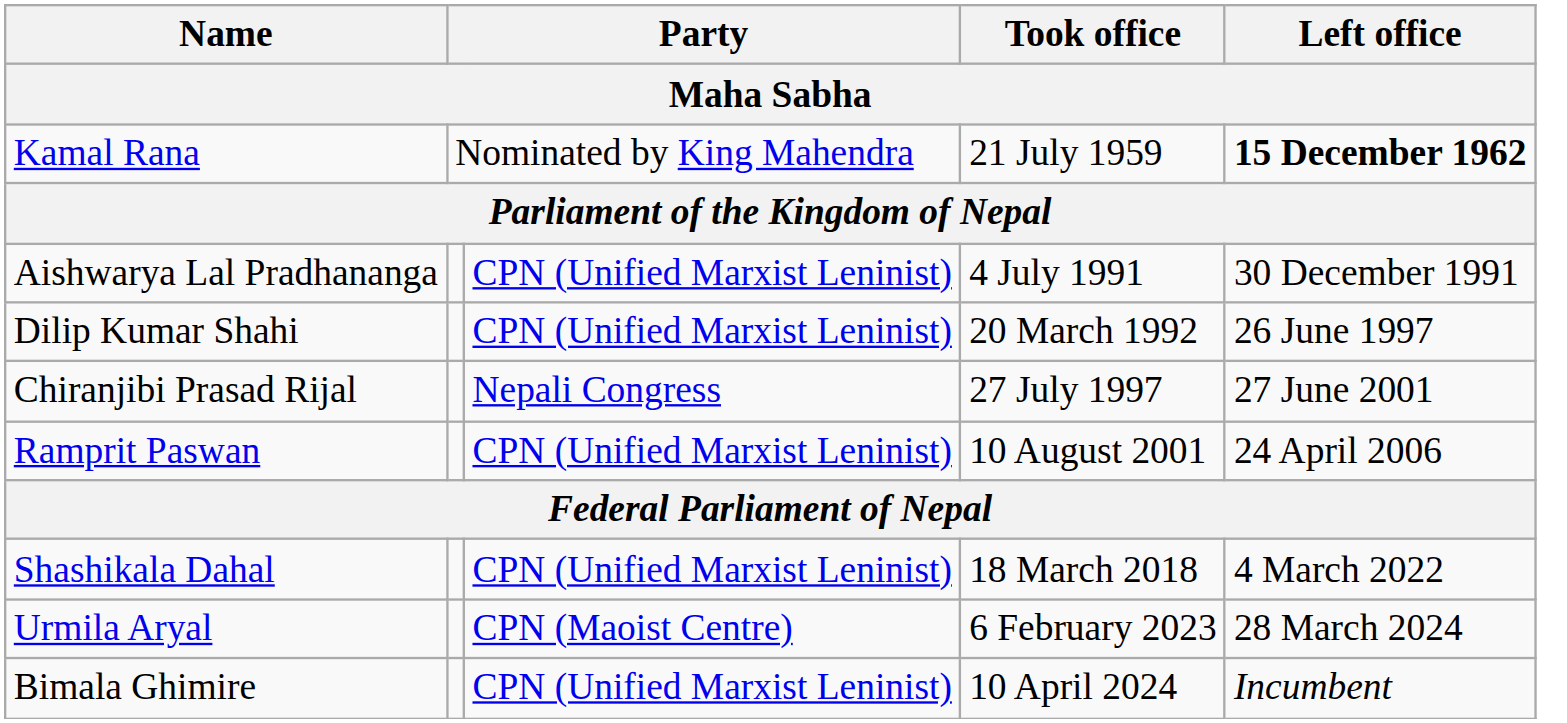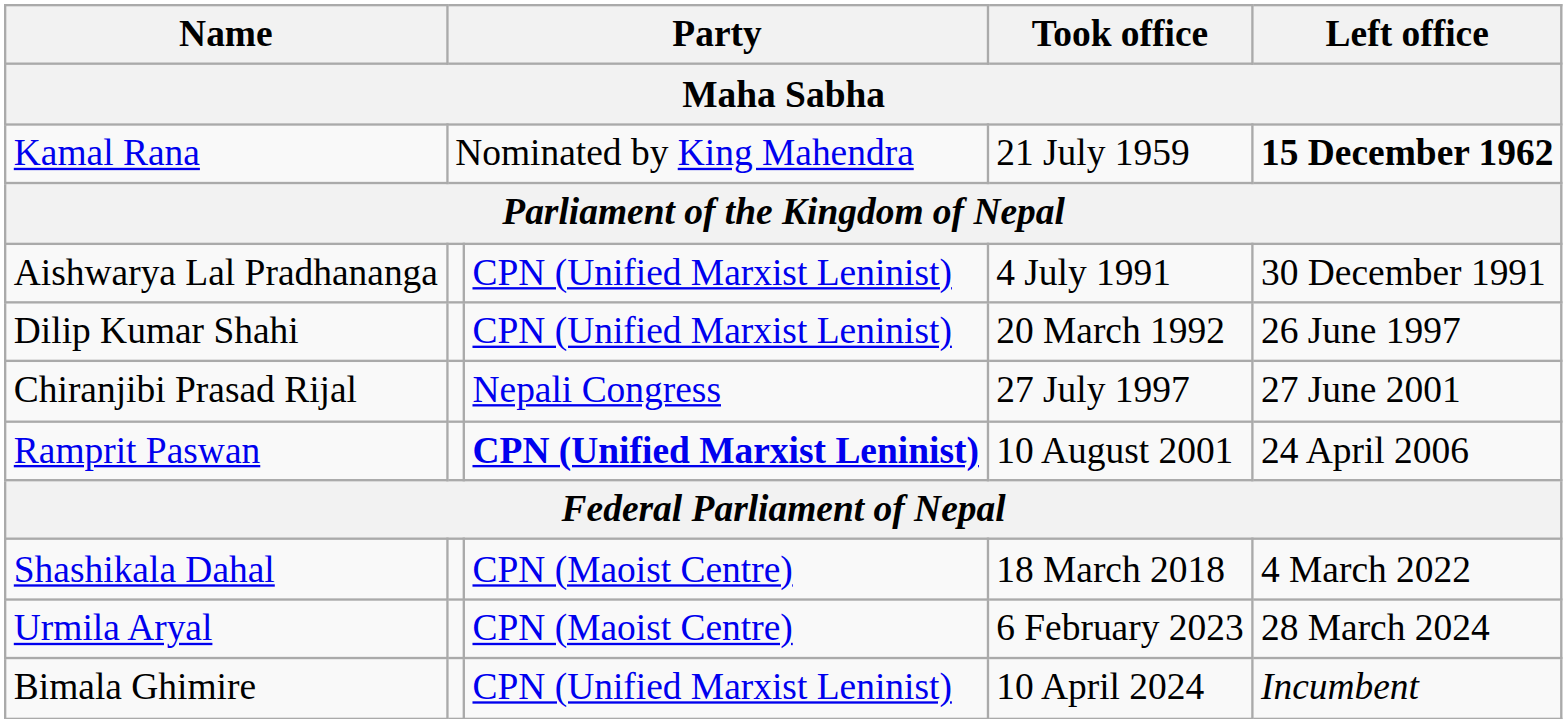 <table class="wikitable">
 <tr>
 <th>Name</th>
 <th colspan="2">Party</th>
 <th>Took office</th>
 <th>Left office</th>
 </tr>
 <tr>
 <th colspan="5">Maha Sabha</th>
 </tr>
 <tr>
 <td><a href='#'>Kamal Rana</a></td>
 <td colspan="2">Nominated by <a href='#'>King Mahendra</a></td>
 <td>21 July 1959</td>
 <td><strong>15 December 1962</strong></td>
 </tr>
 <tr>
 <th colspan="5"><em>Parliament of the Kingdom of Nepal</em></th>
 </tr>
 <tr>
 <td>Aishwarya Lal Pradhananga</td>
 <td></td>
 <td><a href='#'>CPN (Unified Marxist Leninist)</a></td>
 <td>4 July 1991</td>
 <td>30 December 1991</td>
 </tr>
 <tr>
 <td>Dilip Kumar Shahi</td>
 <td></td>
 <td><a href='#'>CPN (Unified Marxist Leninist)</a></td>
 <td>20 March 1992</td>
 <td>26 June 1997</td>
 </tr>
 <tr>
 <td>Chiranjibi Prasad Rijal</td>
 <td></td>
 <td><a href='#'>Nepali Congress</a></td>
 <td>27 July 1997</td>
 <td>27 June 2001</td>
 </tr>
 <tr>
 <td><a href='#'>Ramprit Paswan</a></td>
 <td></td>
-<td><a href='#'>CPN (Unified Marxist Leninist)</a></td>
+<td><strong><a href='#'>CPN (Unified Marxist Leninist)</a></strong></td>
 <td>10 August 2001</td>
 <td>24 April 2006</td>
 </tr>
 <tr>
 <th colspan="5"><em>Federal Parliament of Nepal</em></th>
 </tr>
 <tr>
 <td><a href='#'>Shashikala Dahal</a></td>
 <td></td>
-<td><a href='#'>CPN (Unified Marxist Leninist)</a></td>
+<td><a href='#'>CPN (Maoist Centre)</a></td>
 <td>18 March 2018</td>
 <td>4 March 2022</td>
 </tr>
 <tr>
 <td><a href='#'>Urmila Aryal</a></td>
 <td></td>
 <td><a href='#'>CPN (Maoist Centre)</a></td>
 <td>6 February 2023</td>
 <td>28 March 2024</td>
 </tr>
 <tr>
 <td>Bimala Ghimire</td>
 <td></td>
 <td><a href='#'>CPN (Unified Marxist Leninist)</a></td>
 <td>10 April 2024</td>
 <td><em>Incumbent</em></td>
 </tr>
 </table>
